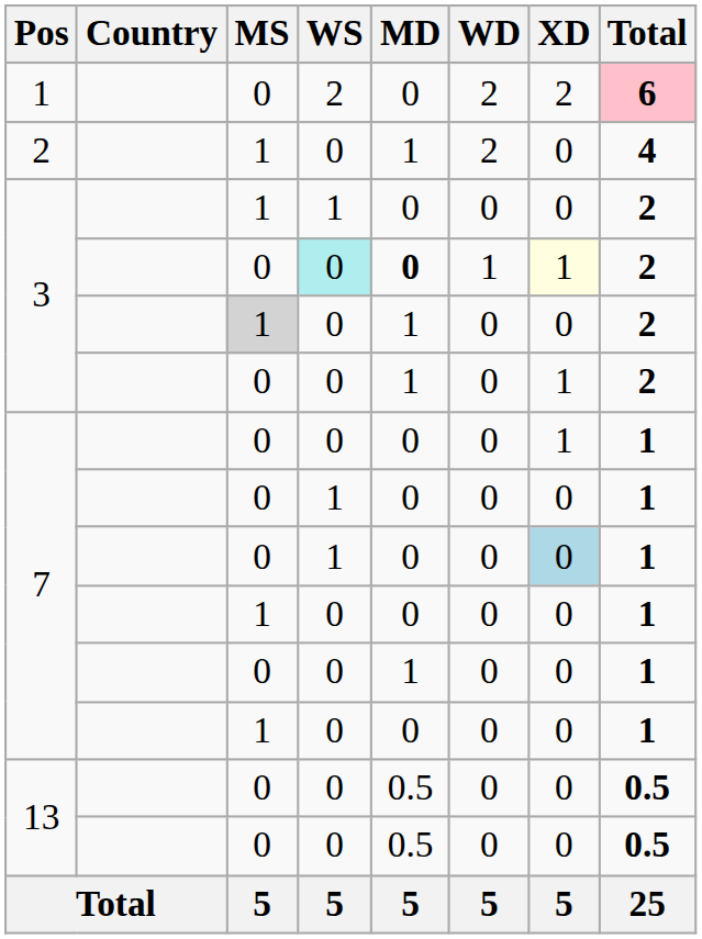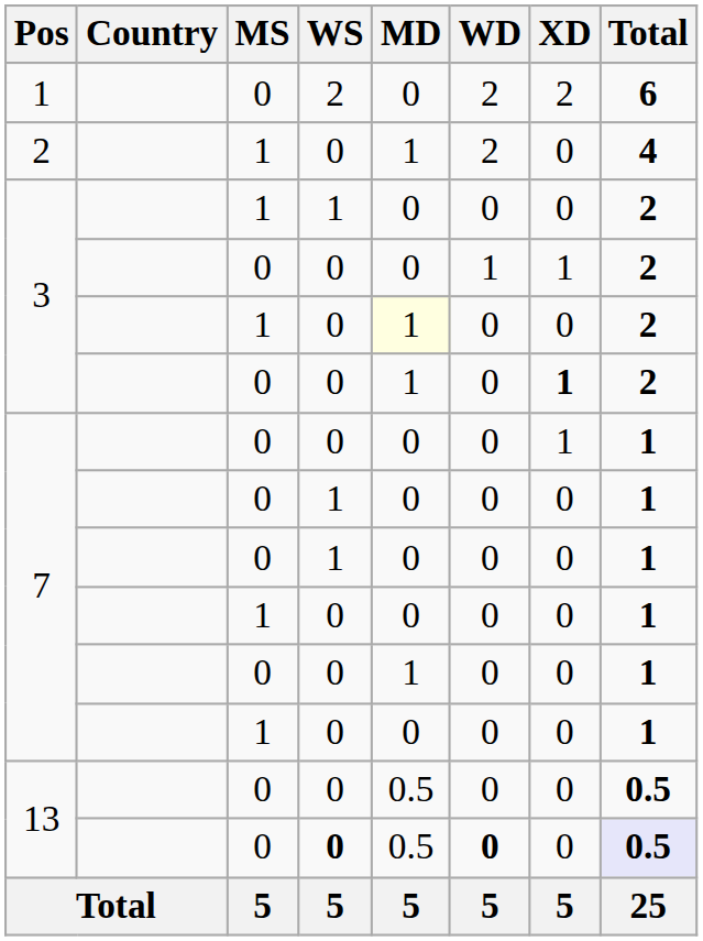 <table class="wikitable" style="text-align:center">
 <tr>
 <th>Pos</th>
 <th>Country</th>
 <th>MS</th>
 <th>WS</th>
 <th>MD</th>
 <th>WD</th>
 <th>XD</th>
 <th>Total</th>
 </tr>
 <tr>
 <td>1</td>
 <td align="left"></td>
 <td>0</td>
 <td>2</td>
 <td>0</td>
 <td>2</td>
 <td>2</td>
-<td style="background: pink;"><strong>6</strong></td>
+<td><strong>6</strong></td>
 </tr>
 <tr>
 <td>2</td>
 <td align="left"></td>
 <td>1</td>
 <td>0</td>
 <td>1</td>
 <td>2</td>
 <td>0</td>
 <td><strong>4</strong></td>
 </tr>
 <tr>
 <td rowspan="4">3</td>
 <td align="left"></td>
 <td>1</td>
 <td>1</td>
 <td>0</td>
 <td>0</td>
 <td>0</td>
 <td><strong>2</strong></td>
 </tr>
 <tr>
 <td align="left"><strong></strong></td>
 <td>0</td>
-<td style="background: paleturquoise;">0</td>
-<td><strong>0</strong></td>
+<td>0</td>
+<td>0</td>
 <td>1</td>
-<td style="background: lightyellow;">1</td>
+<td>1</td>
 <td><strong>2</strong></td>
 </tr>
 <tr>
 <td align="left"></td>
-<td style="background: lightgrey;">1</td>
+<td>1</td>
 <td>0</td>
-<td>1</td>
+<td style="background: lightyellow;">1</td>
 <td>0</td>
 <td>0</td>
 <td><strong>2</strong></td>
 </tr>
 <tr>
 <td align="left"></td>
 <td>0</td>
 <td>0</td>
 <td>1</td>
 <td>0</td>
-<td>1</td>
+<td><strong>1</strong></td>
 <td><strong>2</strong></td>
 </tr>
 <tr>
 <td rowspan="6">7</td>
 <td align="left"></td>
 <td>0</td>
 <td>0</td>
 <td>0</td>
 <td>0</td>
 <td>1</td>
 <td><strong>1</strong></td>
 </tr>
 <tr>
 <td align="left"></td>
 <td>0</td>
 <td>1</td>
 <td>0</td>
 <td>0</td>
 <td>0</td>
 <td><strong>1</strong></td>
 </tr>
 <tr>
 <td align="left"></td>
 <td>0</td>
 <td>1</td>
 <td>0</td>
 <td>0</td>
-<td style="background: lightblue;">0</td>
+<td>0</td>
 <td><strong>1</strong></td>
 </tr>
 <tr>
 <td align="left"></td>
 <td>1</td>
 <td>0</td>
 <td>0</td>
 <td>0</td>
 <td>0</td>
 <td><strong>1</strong></td>
 </tr>
 <tr>
 <td align="left"></td>
 <td>0</td>
 <td>0</td>
 <td>1</td>
 <td>0</td>
 <td>0</td>
 <td><strong>1</strong></td>
 </tr>
 <tr>
 <td align="left"></td>
 <td>1</td>
 <td>0</td>
 <td>0</td>
 <td>0</td>
 <td>0</td>
 <td><strong>1</strong></td>
 </tr>
 <tr>
 <td rowspan="2">13</td>
 <td align="left"></td>
 <td>0</td>
 <td>0</td>
 <td>0.5</td>
 <td>0</td>
 <td>0</td>
 <td><strong>0.5</strong></td>
 </tr>
 <tr>
 <td align="left"></td>
 <td>0</td>
+<td><strong>0</strong></td>
+<td>0.5</td>
+<td><strong>0</strong></td>
 <td>0</td>
-<td>0.5</td>
-<td>0</td>
-<td>0</td>
-<td><strong>0.5</strong></td>
+<td style="background: lavender;"><strong>0.5</strong></td>
 </tr>
 <tr>
 <th colspan="2">Total</th>
 <th>5</th>
 <th>5</th>
 <th>5</th>
 <th>5</th>
 <th>5</th>
 <th>25</th>
 </tr>
 </table>
